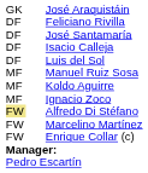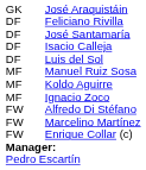 <table style="font-size:90%; margin:0.2em auto;" cellspacing="0" cellpadding="0">
 <tr>
 <th width="25"></th>
 <th width="25"></th>
 </tr>
 <tr>
 <td>GK</td>
 <td><strong> </strong></td>
 <td><a href='#'>José Araquistáin</a></td>
 </tr>
 <tr>
 <td>DF</td>
 <td><strong> </strong></td>
 <td><a href='#'>Feliciano Rivilla</a></td>
 </tr>
 <tr>
 <td>DF</td>
 <td><strong> </strong></td>
 <td><a href='#'>José Santamaría</a></td>
 </tr>
 <tr>
 <td>DF</td>
 <td><strong> </strong></td>
 <td><a href='#'>Isacio Calleja</a></td>
 </tr>
 <tr>
 <td>DF</td>
 <td><strong> </strong></td>
 <td><a href='#'>Luis del Sol</a></td>
 </tr>
 <tr>
 <td>MF</td>
 <td><strong> </strong></td>
 <td><a href='#'>Manuel Ruiz Sosa</a></td>
 </tr>
 <tr>
 <td>MF</td>
 <td><strong> </strong></td>
 <td><a href='#'>Koldo Aguirre</a></td>
 </tr>
 <tr>
 <td>MF</td>
 <td><strong> </strong></td>
 <td><a href='#'>Ignacio Zoco</a></td>
 </tr>
 <tr>
-<td style="background: khaki;">FW</td>
+<td>FW</td>
 <td><strong> </strong></td>
 <td><a href='#'>Alfredo Di Stéfano</a></td>
 </tr>
 <tr>
 <td>FW</td>
 <td><strong> </strong></td>
 <td><a href='#'>Marcelino Martínez</a></td>
 </tr>
 <tr>
 <td>FW</td>
 <td><strong> </strong></td>
 <td><a href='#'>Enrique Collar</a> (c)</td>
 </tr>
 <tr>
 <td colspan=3><strong>Manager:</strong></td>
 </tr>
 <tr>
 <td colspan=4><a href='#'>Pedro Escartín</a></td>
 </tr>
 </table>
